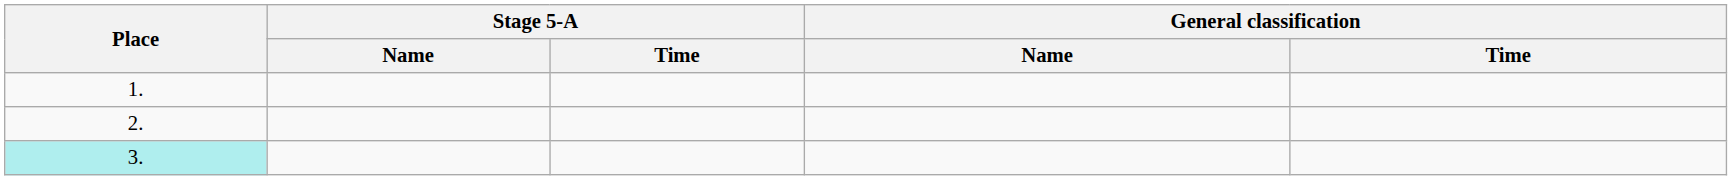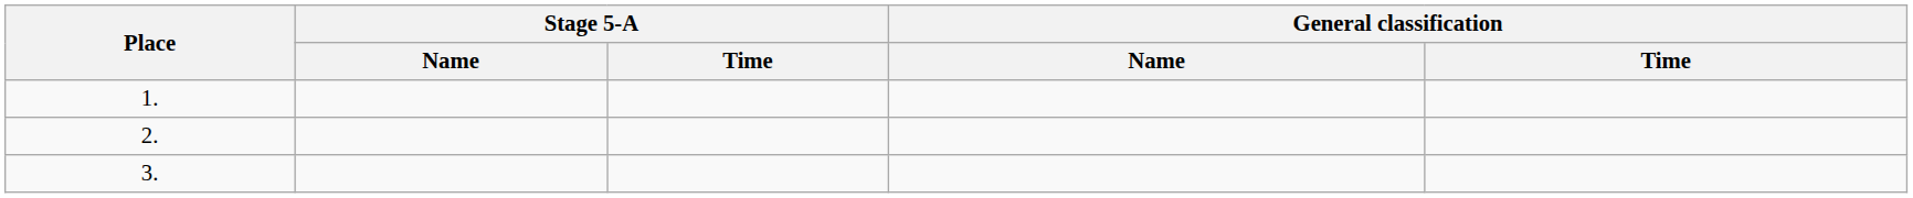 <table class=wikitable style="font-size:95%" width="80%">
 <tr>
 <th rowspan="2">Place</th>
 <th colspan="2">Stage 5-A</th>
 <th colspan="2">General classification</th>
 </tr>
 <tr>
 <th>Name</th>
 <th>Time</th>
 <th>Name</th>
 <th>Time</th>
 </tr>
 <tr>
 <td align="center">1.</td>
 <td></td>
 <td></td>
 <td></td>
 <td></td>
 </tr>
 <tr>
 <td align="center">2.</td>
 <td></td>
 <td></td>
 <td></td>
 <td></td>
 </tr>
 <tr>
-<td align="center" style="background: paleturquoise;">3.</td>
+<td align="center">3.</td>
 <td></td>
 <td></td>
 <td></td>
 <td></td>
 </tr>
 </table>
